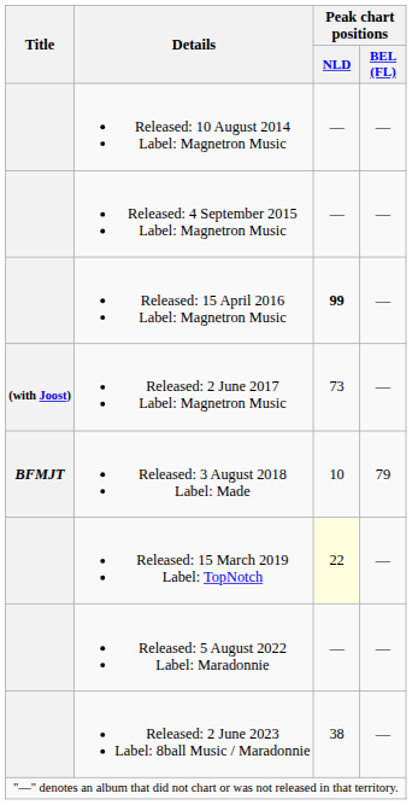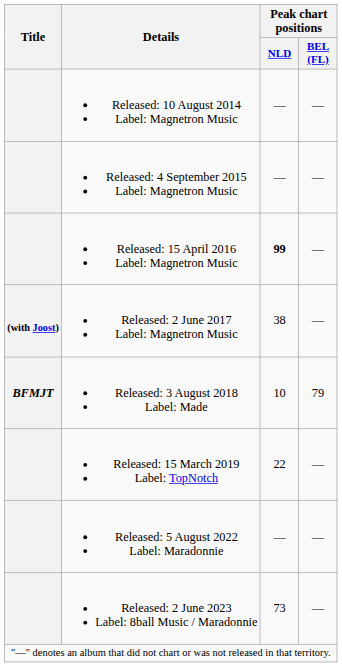 <table class="wikitable plainrowheaders" style="text-align:center;">
 <tr>
 <th scope="col" rowspan="2">Title</th>
 <th scope="col" rowspan="2">Details</th>
 <th scope="col" colspan="2">Peak chart positions</th>
 </tr>
 <tr>
 <th scope="col" style="width:3em;font-size:90%;"><a href='#'>NLD</a><br></th>
 <th scope="col" style="width:3em;font-size:90%;"><a href='#'>BEL<br>(FL)</a><br></th>
 </tr>
 <tr>
 <th scope="row"></th>
 <td><br><ul><li>Released: 10 August 2014</li><li>Label: Magnetron Music</li></ul></td>
 <td>—</td>
 <td>—</td>
 </tr>
 <tr>
 <th scope="row"></th>
 <td><br><ul><li>Released: 4 September 2015</li><li>Label: Magnetron Music</li></ul></td>
 <td>—</td>
 <td>—</td>
 </tr>
 <tr>
 <th scope="row"></th>
 <td><br><ul><li>Released: 15 April 2016</li><li>Label: Magnetron Music</li></ul></td>
 <td><strong>99</strong></td>
 <td>—</td>
 </tr>
 <tr>
 <th scope="row"><br><small>(with <a href='#'>Joost</a>)</small></th>
 <td><br><ul><li>Released: 2 June 2017</li><li>Label: Magnetron Music</li></ul></td>
-<td>73</td>
+<td>38</td>
 <td>—</td>
 </tr>
 <tr>
 <th scope="row"><em>BFMJT</em></th>
 <td><br><ul><li>Released: 3 August 2018</li><li>Label: Made</li></ul></td>
 <td>10</td>
 <td>79</td>
 </tr>
 <tr>
 <th scope="row"></th>
 <td><br><ul><li>Released: 15 March 2019</li><li>Label: <a href='#'>TopNotch</a></li></ul></td>
-<td style="background: lightyellow;">22</td>
+<td>22</td>
 <td>—</td>
 </tr>
 <tr>
 <th scope="row"></th>
 <td><br><ul><li>Released: 5 August 2022</li><li>Label: Maradonnie</li></ul></td>
 <td>—</td>
 <td>—</td>
 </tr>
 <tr>
 <th scope="row"></th>
 <td><br><ul><li>Released: 2 June 2023</li><li>Label: 8ball Music / Maradonnie</li></ul></td>
-<td>38</td>
+<td>73</td>
 <td>—</td>
 </tr>
 <tr>
 <td colspan="5" style="font-size:85%">"—" denotes an album that did not chart or was not released in that territory.</td>
 </tr>
 </table>
